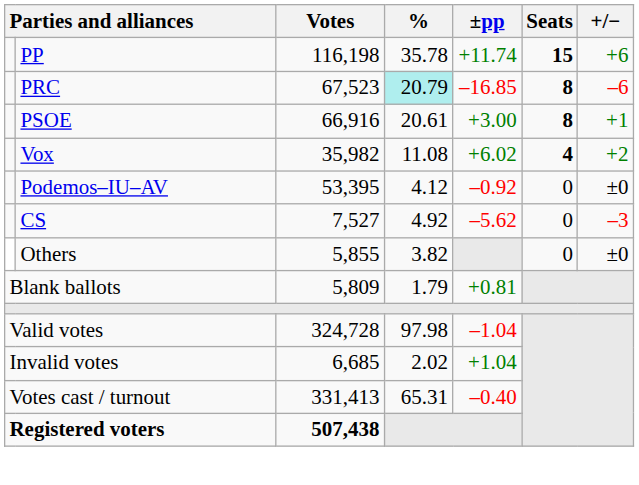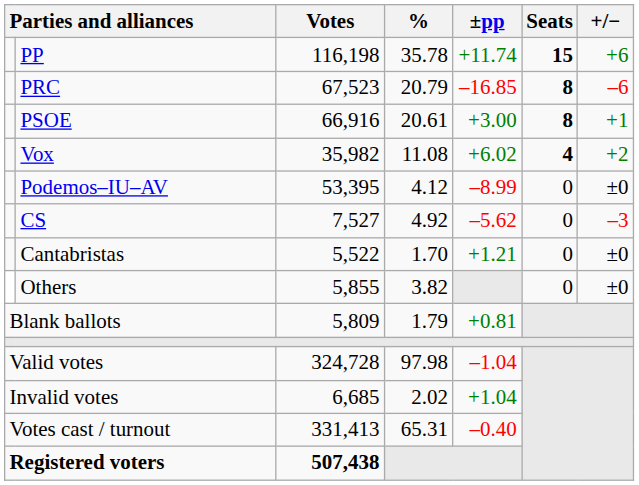 <table class="wikitable" style="text-align:right;">
 <tr>
 <th style="text-align:left;" colspan="2" width="200">Parties and alliances</th>
 <th width="75">Votes</th>
 <th width="45">%</th>
 <th width="45">±<a href='#'>pp</a></th>
 <th width="35">Seats</th>
 <th width="35">+/−</th>
 </tr>
 <tr>
 <td width="1" style="color:inherit;background:"></td>
 <td align="left"><a href='#'>PP</a></td>
 <td>116,198</td>
 <td>35.78</td>
 <td style="color:green;">+11.74</td>
 <td><strong>15</strong></td>
 <td style="color:green;">+6</td>
 </tr>
 <tr>
 <td style="color:inherit;background:"></td>
 <td align="left"><a href='#'>PRC</a></td>
 <td>67,523</td>
-<td style="background: paleturquoise;">20.79</td>
+<td>20.79</td>
 <td style="color:red;">–16.85</td>
 <td><strong>8</strong></td>
 <td style="color:red;">–6</td>
 </tr>
 <tr>
 <td style="color:inherit;background:"></td>
 <td align="left"><a href='#'>PSOE</a></td>
 <td>66,916</td>
 <td>20.61</td>
 <td style="color:green;">+3.00</td>
 <td><strong>8</strong></td>
 <td style="color:green;">+1</td>
 </tr>
 <tr>
 <td style="color:inherit;background:"></td>
 <td align="left"><a href='#'>Vox</a></td>
 <td>35,982</td>
 <td>11.08</td>
 <td style="color:green;">+6.02</td>
 <td><strong>4</strong></td>
 <td style="color:green;">+2</td>
 </tr>
 <tr>
 <td style="color:inherit;background:"></td>
 <td align="left"><a href='#'>Podemos–IU–AV</a></td>
 <td>53,395</td>
 <td>4.12</td>
-<td style="color:red;">–0.92</td>
+<td style="color:red;">–8.99</td>
 <td>0</td>
 <td>±0</td>
 </tr>
 <tr>
 <td style="color:inherit;background:"></td>
 <td align="left"><a href='#'>CS</a></td>
 <td>7,527</td>
 <td>4.92</td>
 <td style="color:red;">–5.62</td>
 <td>0</td>
 <td style="color:red;">–3</td>
+</tr>
+<tr>
+<td style="color:inherit;background:"></td>
+<td align="left">Cantabristas</td>
+<td>5,522</td>
+<td>1.70</td>
+<td style="color:green;">+1.21</td>
+<td>0</td>
+<td>±0</td>
 </tr>
 <tr>
 <td bgcolor="white"></td>
 <td align="left">Others</td>
 <td>5,855</td>
 <td>3.82</td>
 <td bgcolor="#E9E9E9"></td>
 <td>0</td>
 <td>±0</td>
 </tr>
 <tr>
 <td align="left" colspan="2">Blank ballots</td>
 <td>5,809</td>
 <td>1.79</td>
 <td style="color:green;">+0.81</td>
 <td bgcolor="#E9E9E9" colspan="2"></td>
 </tr>
 <tr>
 <td colspan="7" bgcolor="#E9E9E9"></td>
 </tr>
 <tr>
 <td align="left" colspan="2">Valid votes</td>
 <td>324,728</td>
 <td>97.98</td>
 <td style="color:red;">–1.04</td>
 <td bgcolor="#E9E9E9" colspan="2" rowspan="4"></td>
 </tr>
 <tr>
 <td align="left" colspan="2">Invalid votes</td>
 <td>6,685</td>
 <td>2.02</td>
 <td style="color:green;">+1.04</td>
 </tr>
 <tr>
 <td align="left" colspan="2">Votes cast / turnout</td>
 <td>331,413</td>
 <td>65.31</td>
 <td style="color:red;">–0.40</td>
 </tr>
 <tr style="font-weight:bold;">
 <td align="left" colspan="2">Registered voters</td>
 <td>507,438</td>
 <td bgcolor="#E9E9E9" colspan="2"></td>
 </tr>
 </table>
